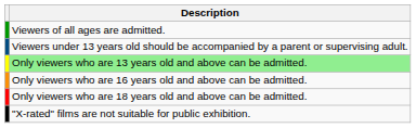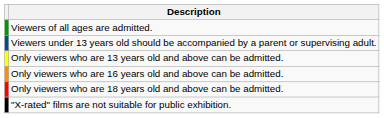 <table class="wikitable">
 <tr>
 <th></th>
 <th>Description</th>
 </tr>
 <tr>
 <td style="background:#009900; color:white;"><strong> </strong></td>
 <td>Viewers of all ages are admitted.</td>
 </tr>
 <tr>
 <td style="background:#024c81; color:white;"><strong>  </strong></td>
 <td>Viewers under 13 years old should be accompanied by a parent or supervising adult.</td>
 </tr>
 <tr>
 <td style="background:yellow; color:black"><strong>  </strong></td>
-<td style="background: lightgreen;">Only viewers who are 13 years old and above can be admitted.</td>
+<td>Only viewers who are 13 years old and above can be admitted.</td>
 </tr>
 <tr>
 <td style="background:#fb9006; color:black"><strong>  </strong></td>
 <td>Only viewers who are 16 years old and above can be admitted.</td>
 </tr>
 <tr>
 <td style="background:red; color:white"><strong>  </strong></td>
 <td>Only viewers who are 18 years old and above can be admitted.</td>
 </tr>
 <tr>
 <td style="background:black; color:white;"><strong>  </strong></td>
 <td>"X-rated" films are not suitable for public exhibition.</td>
 </tr>
 </table>
